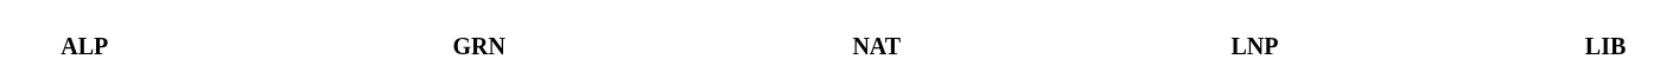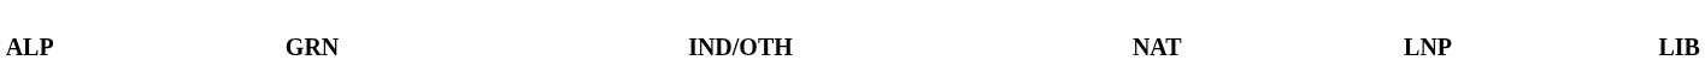 <table style="width:100%; text-align:center">
 <tr style="color:white; height:10px;">
 <td style="background:"><strong>78</strong></td>
 <td style="background:"><strong>4</strong></td>
+<td style="background:"><strong>14</strong></td>
 <td style="background:"><strong>9</strong></td>
 <td style="background:"><strong>21</strong></td>
 <td style="background:"><strong>25</strong></td>
 </tr>
 <tr>
 <td style="color:"><strong>ALP</strong></td>
 <td style="color:"><strong>GRN</strong></td>
+<td style="color:"><strong>IND/OTH</strong></td>
 <td style="color:"><strong>NAT</strong></td>
 <td style="color:"><strong>LNP</strong></td>
 <td style="color:"><strong>LIB</strong></td>
 </tr>
 </table>
